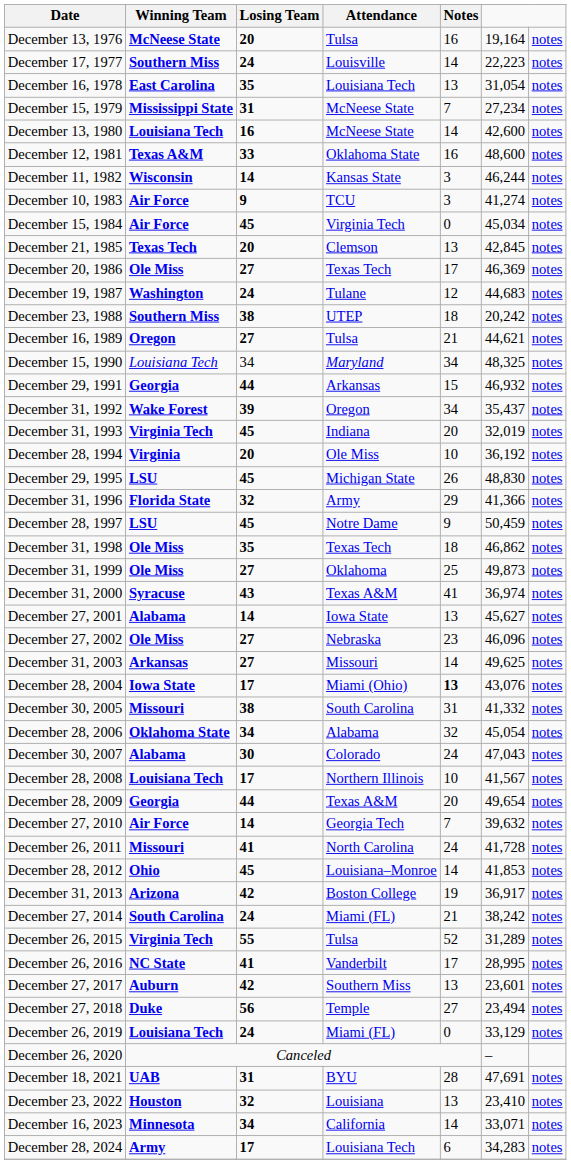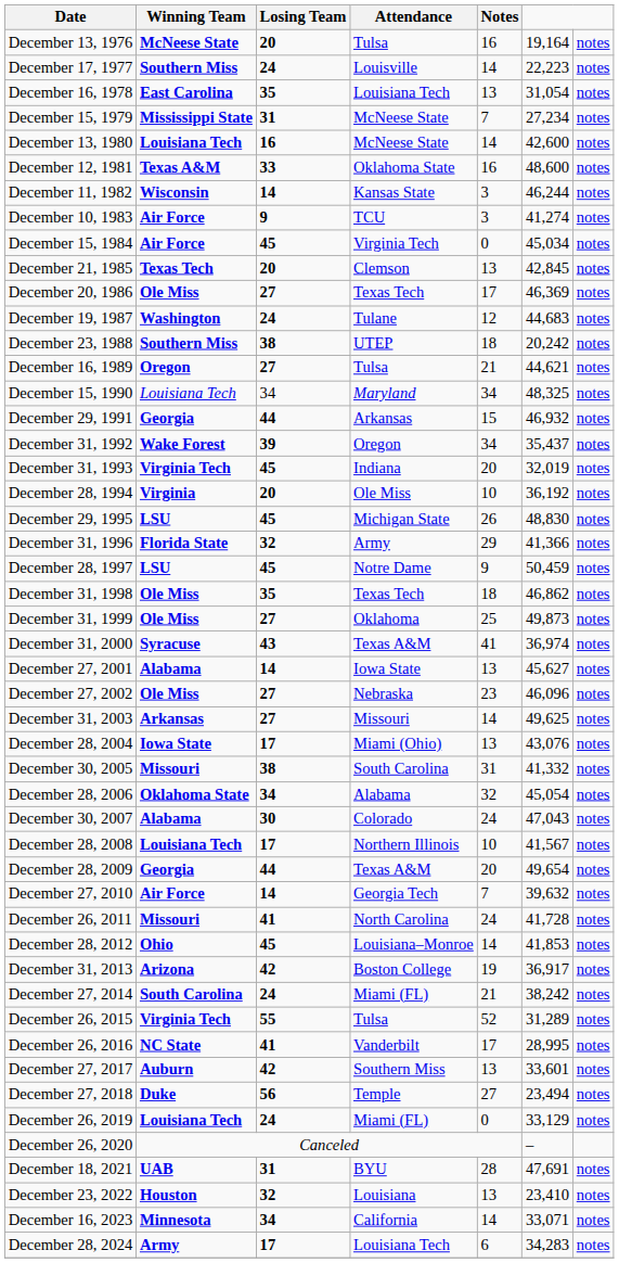 <table class="wikitable">
 <tr>
 <th>Date</th>
 <th>Winning Team</th>
 <th>Losing Team</th>
 <th>Attendance</th>
 <th>Notes</th>
 </tr>
 <tr>
 <td>December 13, 1976</td>
 <td><strong><a href='#'>McNeese State</a></strong></td>
 <td><strong>20</strong></td>
 <td><a href='#'>Tulsa</a></td>
 <td>16</td>
 <td>19,164</td>
 <td><a href='#'>notes</a></td>
 </tr>
 <tr>
 <td>December 17, 1977</td>
 <td><strong><a href='#'>Southern Miss</a></strong></td>
 <td><strong>24</strong></td>
 <td><a href='#'>Louisville</a></td>
 <td>14</td>
 <td>22,223</td>
 <td><a href='#'>notes</a></td>
 </tr>
 <tr>
 <td>December 16, 1978</td>
 <td><strong><a href='#'>East Carolina</a></strong></td>
 <td><strong>35</strong></td>
 <td><a href='#'>Louisiana Tech</a></td>
 <td>13</td>
 <td>31,054</td>
 <td><a href='#'>notes</a></td>
 </tr>
 <tr>
 <td>December 15, 1979</td>
 <td><strong><a href='#'>Mississippi State</a></strong></td>
 <td><strong>31</strong></td>
 <td><a href='#'>McNeese State</a></td>
 <td>7</td>
 <td>27,234</td>
 <td><a href='#'>notes</a></td>
 </tr>
 <tr>
 <td>December 13, 1980</td>
 <td><strong><a href='#'>Louisiana Tech</a></strong></td>
 <td><strong>16</strong></td>
 <td><a href='#'>McNeese State</a></td>
 <td>14</td>
 <td>42,600</td>
 <td><a href='#'>notes</a></td>
 </tr>
 <tr>
 <td>December 12, 1981</td>
 <td><strong><a href='#'>Texas A&M</a></strong></td>
 <td><strong>33</strong></td>
 <td><a href='#'>Oklahoma State</a></td>
 <td>16</td>
 <td>48,600</td>
 <td><a href='#'>notes</a></td>
 </tr>
 <tr>
 <td>December 11, 1982</td>
 <td><strong><a href='#'>Wisconsin</a></strong></td>
 <td><strong>14</strong></td>
 <td><a href='#'>Kansas State</a></td>
 <td>3</td>
 <td>46,244</td>
 <td><a href='#'>notes</a></td>
 </tr>
 <tr>
 <td>December 10, 1983</td>
 <td><strong>  <a href='#'>Air Force</a></strong></td>
 <td><strong>9</strong></td>
 <td><a href='#'>TCU</a></td>
 <td>3</td>
 <td>41,274</td>
 <td><a href='#'>notes</a></td>
 </tr>
 <tr>
 <td>December 15, 1984</td>
 <td><strong><a href='#'>Air Force</a></strong></td>
 <td><strong>45</strong></td>
 <td><a href='#'>Virginia Tech</a></td>
 <td>0</td>
 <td>45,034</td>
 <td><a href='#'>notes</a></td>
 </tr>
 <tr>
 <td>December 21, 1985</td>
 <td><strong><a href='#'>Texas Tech</a></strong></td>
 <td><strong>20</strong></td>
 <td><a href='#'>Clemson</a></td>
 <td>13</td>
 <td>42,845</td>
 <td><a href='#'>notes</a></td>
 </tr>
 <tr>
 <td>December 20, 1986</td>
 <td><strong><a href='#'>Ole Miss</a></strong></td>
 <td><strong>27</strong></td>
 <td><a href='#'>Texas Tech</a></td>
 <td>17</td>
 <td>46,369</td>
 <td><a href='#'>notes</a></td>
 </tr>
 <tr>
 <td>December 19, 1987</td>
 <td><strong><a href='#'>Washington</a></strong></td>
 <td><strong>24</strong></td>
 <td><a href='#'>Tulane</a></td>
 <td>12</td>
 <td>44,683</td>
 <td><a href='#'>notes</a></td>
 </tr>
 <tr>
 <td>December 23, 1988</td>
 <td><strong><a href='#'>Southern Miss</a></strong></td>
 <td><strong>38</strong></td>
 <td><a href='#'>UTEP</a></td>
 <td>18</td>
 <td>20,242</td>
 <td><a href='#'>notes</a></td>
 </tr>
 <tr>
 <td>December 16, 1989</td>
 <td><strong><a href='#'>Oregon</a></strong></td>
 <td><strong>27</strong></td>
 <td><a href='#'>Tulsa</a></td>
 <td>21</td>
 <td>44,621</td>
 <td><a href='#'>notes</a></td>
 </tr>
 <tr>
 <td>December 15, 1990</td>
 <td><em><a href='#'>Louisiana Tech</a></em></td>
 <td>34</td>
 <td><em><a href='#'>Maryland</a></em></td>
 <td>34</td>
 <td>48,325</td>
 <td><a href='#'>notes</a></td>
 </tr>
 <tr>
 <td>December 29, 1991</td>
 <td><strong> <a href='#'>Georgia</a></strong></td>
 <td><strong>44</strong></td>
 <td><a href='#'>Arkansas</a></td>
 <td>15</td>
 <td>46,932</td>
 <td><a href='#'>notes</a></td>
 </tr>
 <tr>
 <td>December 31, 1992</td>
 <td><strong><a href='#'>Wake Forest</a></strong></td>
 <td><strong>39</strong></td>
 <td><a href='#'>Oregon</a></td>
 <td>34</td>
 <td>35,437</td>
 <td><a href='#'>notes</a></td>
 </tr>
 <tr>
 <td>December 31, 1993</td>
 <td><strong> <a href='#'>Virginia Tech</a></strong></td>
 <td><strong>45</strong></td>
 <td> <a href='#'>Indiana</a></td>
 <td>20</td>
 <td>32,019</td>
 <td><a href='#'>notes</a></td>
 </tr>
 <tr>
 <td>December 28, 1994</td>
 <td><strong> <a href='#'>Virginia</a></strong></td>
 <td><strong>20</strong></td>
 <td><a href='#'>Ole Miss</a></td>
 <td>10</td>
 <td>36,192</td>
 <td><a href='#'>notes</a></td>
 </tr>
 <tr>
 <td>December 29, 1995</td>
 <td><strong><a href='#'>LSU</a></strong></td>
 <td><strong>45</strong></td>
 <td><a href='#'>Michigan State</a></td>
 <td>26</td>
 <td>48,830</td>
 <td><a href='#'>notes</a></td>
 </tr>
 <tr>
 <td>December 31, 1996</td>
 <td><strong><a href='#'>Florida State</a></strong></td>
 <td><strong>32</strong></td>
 <td> <a href='#'>Army</a></td>
 <td>29</td>
 <td>41,366</td>
 <td><a href='#'>notes</a></td>
 </tr>
 <tr>
 <td>December 28, 1997</td>
 <td><strong> <a href='#'>LSU</a></strong></td>
 <td><strong>45</strong></td>
 <td><a href='#'>Notre Dame</a></td>
 <td>9</td>
 <td>50,459</td>
 <td><a href='#'>notes</a></td>
 </tr>
 <tr>
 <td>December 31, 1998</td>
 <td><strong><a href='#'>Ole Miss</a></strong></td>
 <td><strong>35</strong></td>
 <td><a href='#'>Texas Tech</a></td>
 <td>18</td>
 <td>46,862</td>
 <td><a href='#'>notes</a></td>
 </tr>
 <tr>
 <td>December 31, 1999</td>
 <td><strong><a href='#'>Ole Miss</a></strong></td>
 <td><strong>27</strong></td>
 <td><a href='#'>Oklahoma</a></td>
 <td>25</td>
 <td>49,873</td>
 <td><a href='#'>notes</a></td>
 </tr>
 <tr>
 <td>December 31, 2000</td>
 <td><strong><a href='#'>Syracuse</a></strong></td>
 <td><strong>43</strong></td>
 <td><a href='#'>Texas A&M</a></td>
 <td>41 </td>
 <td>36,974</td>
 <td><a href='#'>notes</a></td>
 </tr>
 <tr>
 <td>December 27, 2001</td>
 <td><strong><a href='#'>Alabama</a></strong></td>
 <td><strong>14</strong></td>
 <td><a href='#'>Iowa State</a></td>
 <td>13</td>
 <td>45,627</td>
 <td><a href='#'>notes</a></td>
 </tr>
 <tr>
 <td>December 27, 2002</td>
 <td><strong><a href='#'>Ole Miss</a></strong></td>
 <td><strong>27</strong></td>
 <td><a href='#'>Nebraska</a></td>
 <td>23</td>
 <td>46,096</td>
 <td><a href='#'>notes</a></td>
 </tr>
 <tr>
 <td>December 31, 2003</td>
 <td><strong><a href='#'>Arkansas</a></strong></td>
 <td><strong>27</strong></td>
 <td><a href='#'>Missouri</a></td>
 <td>14</td>
 <td>49,625</td>
 <td><a href='#'>notes</a></td>
 </tr>
 <tr>
 <td>December 28, 2004</td>
 <td><strong><a href='#'>Iowa State</a></strong></td>
 <td><strong>17</strong></td>
 <td><a href='#'>Miami (Ohio)</a></td>
-<td><strong>13</strong></td>
+<td>13</td>
 <td>43,076</td>
 <td><a href='#'>notes</a></td>
 </tr>
 <tr>
 <td>December 30, 2005</td>
 <td><strong><a href='#'>Missouri</a></strong></td>
 <td><strong>38</strong></td>
 <td><a href='#'>South Carolina</a></td>
 <td>31</td>
 <td>41,332</td>
 <td><a href='#'>notes</a></td>
 </tr>
 <tr>
 <td>December 28, 2006</td>
 <td><strong><a href='#'>Oklahoma State</a></strong></td>
 <td><strong>34</strong></td>
 <td><a href='#'>Alabama</a></td>
 <td>32</td>
 <td>45,054</td>
 <td><a href='#'>notes</a></td>
 </tr>
 <tr>
 <td>December 30, 2007</td>
 <td><strong><a href='#'>Alabama</a></strong></td>
 <td><strong>30</strong></td>
 <td><a href='#'>Colorado</a></td>
 <td>24</td>
 <td>47,043</td>
 <td><a href='#'>notes</a></td>
 </tr>
 <tr>
 <td>December 28, 2008</td>
 <td><strong><a href='#'>Louisiana Tech</a></strong></td>
 <td><strong>17</strong></td>
 <td><a href='#'>Northern Illinois</a></td>
 <td>10</td>
 <td>41,567</td>
 <td><a href='#'>notes</a></td>
 </tr>
 <tr>
 <td>December 28, 2009</td>
 <td><strong><a href='#'>Georgia</a></strong></td>
 <td><strong>44</strong></td>
 <td><a href='#'>Texas A&M</a></td>
 <td>20</td>
 <td>49,654</td>
 <td><a href='#'>notes</a></td>
 </tr>
 <tr>
 <td>December 27, 2010</td>
 <td><strong><a href='#'>Air Force</a></strong></td>
 <td><strong>14</strong></td>
 <td><a href='#'>Georgia Tech</a></td>
 <td>7</td>
 <td>39,632</td>
 <td><a href='#'>notes</a></td>
 </tr>
 <tr>
 <td>December 26, 2011</td>
 <td><strong><a href='#'>Missouri</a></strong></td>
 <td><strong>41</strong></td>
 <td><a href='#'>North Carolina</a></td>
 <td>24</td>
 <td>41,728</td>
 <td><a href='#'>notes</a></td>
 </tr>
 <tr>
 <td>December 28, 2012</td>
 <td><strong><a href='#'>Ohio</a></strong></td>
 <td><strong>45</strong></td>
 <td><a href='#'>Louisiana–Monroe</a></td>
 <td>14</td>
 <td>41,853</td>
 <td><a href='#'>notes</a></td>
 </tr>
 <tr>
 <td>December 31, 2013</td>
 <td><strong><a href='#'>Arizona</a></strong></td>
 <td><strong>42</strong></td>
 <td><a href='#'>Boston College</a></td>
 <td>19</td>
 <td>36,917</td>
 <td><a href='#'>notes</a></td>
 </tr>
 <tr>
 <td>December 27, 2014</td>
 <td><strong><a href='#'>South Carolina</a></strong></td>
 <td><strong>24</strong></td>
 <td><a href='#'>Miami (FL)</a></td>
 <td>21</td>
 <td>38,242</td>
 <td><a href='#'>notes</a></td>
 </tr>
 <tr>
 <td>December 26, 2015</td>
 <td><strong><a href='#'>Virginia Tech</a></strong></td>
 <td><strong>55 </strong></td>
 <td><a href='#'>Tulsa</a></td>
 <td>52</td>
 <td>31,289</td>
 <td><a href='#'>notes</a></td>
 </tr>
 <tr>
 <td>December 26, 2016</td>
 <td><strong><a href='#'>NC State</a></strong></td>
 <td><strong>41</strong></td>
 <td><a href='#'>Vanderbilt</a></td>
 <td>17</td>
 <td>28,995</td>
 <td><a href='#'>notes</a></td>
 </tr>
 <tr>
 <td>December 27, 2017</td>
 <td><strong><a href='#'>Auburn</a></strong></td>
 <td><strong>42</strong></td>
 <td><a href='#'>Southern Miss</a></td>
 <td>13</td>
-<td>23,601</td>
+<td>33,601</td>
 <td><a href='#'>notes</a></td>
 </tr>
 <tr>
 <td>December 27, 2018</td>
 <td><strong><a href='#'>Duke</a></strong></td>
 <td><strong>56</strong></td>
 <td><a href='#'>Temple</a></td>
 <td>27</td>
 <td>23,494</td>
 <td><a href='#'>notes</a></td>
 </tr>
 <tr>
 <td>December 26, 2019</td>
 <td><strong><a href='#'>Louisiana Tech</a></strong></td>
 <td><strong>24</strong></td>
 <td><a href='#'>Miami (FL)</a></td>
 <td>0</td>
 <td>33,129</td>
 <td><a href='#'>notes</a></td>
 </tr>
 <tr>
 <td>December 26, 2020</td>
 <td align=center colspan=4><em>Canceled</em></td>
 <td>–</td>
 <td></td>
 </tr>
 <tr>
 <td>December 18, 2021</td>
 <td><strong><a href='#'>UAB</a></strong></td>
 <td><strong>31</strong></td>
 <td> <a href='#'>BYU</a></td>
 <td>28</td>
 <td>47,691</td>
 <td><a href='#'>notes</a></td>
 </tr>
 <tr>
 <td>December 23, 2022</td>
 <td><strong><a href='#'>Houston</a></strong></td>
 <td><strong>32</strong></td>
 <td><a href='#'>Louisiana</a></td>
 <td>13</td>
 <td>23,410</td>
 <td><a href='#'>notes</a></td>
 </tr>
 <tr>
 <td>December 16, 2023</td>
 <td><strong><a href='#'>Minnesota</a></strong></td>
 <td><strong>34</strong></td>
 <td><a href='#'>California</a></td>
 <td>14</td>
 <td>33,071</td>
 <td><a href='#'>notes</a></td>
 </tr>
 <tr>
 <td>December 28, 2024</td>
 <td><strong> <a href='#'>Army</a></strong></td>
 <td><strong>17</strong></td>
 <td><a href='#'>Louisiana Tech</a></td>
 <td>6</td>
 <td>34,283</td>
 <td><a href='#'>notes</a></td>
 </tr>
 <tr>
 </tr>
 </table>
